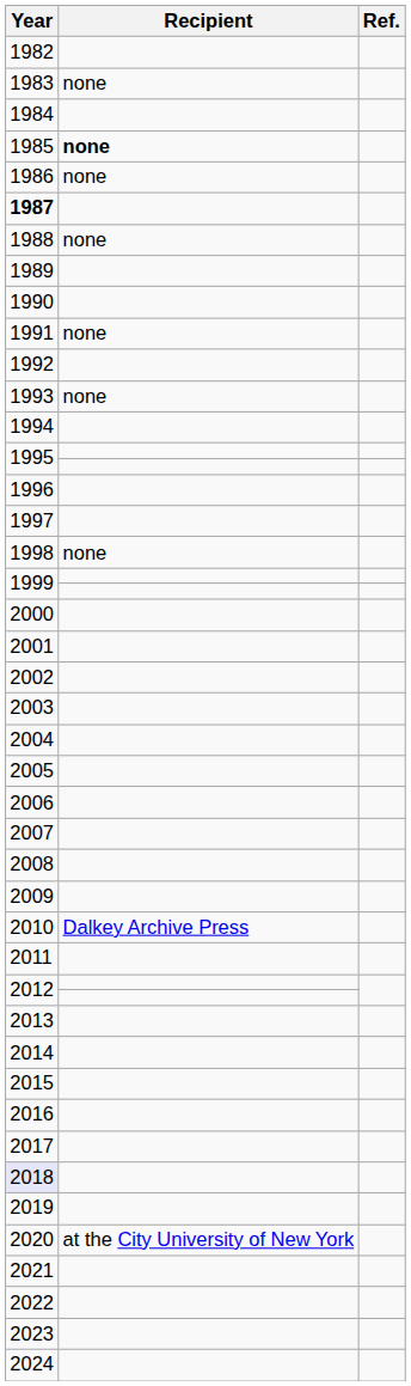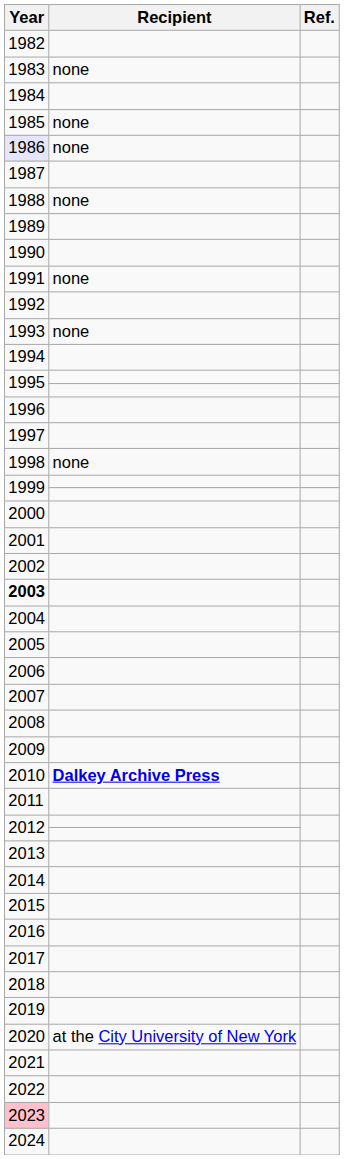 <table class="wikitable sortable mw-collapsible">
 <tr>
 <th>Year</th>
 <th>Recipient</th>
 <th>Ref.</th>
 </tr>
 <tr>
 <td>1982</td>
 <td></td>
 <td></td>
 </tr>
 <tr>
 <td>1983</td>
 <td>none</td>
 <td></td>
 </tr>
 <tr>
 <td>1984</td>
 <td></td>
 <td></td>
 </tr>
 <tr>
 <td>1985</td>
-<td><strong>none</strong></td>
-<td></td>
-</tr>
-<tr>
-<td>1986</td>
 <td>none</td>
 <td></td>
 </tr>
 <tr>
-<td><strong>1987</strong></td>
+<td style="background: lavender;">1986</td>
+<td>none</td>
+<td></td>
+</tr>
+<tr>
+<td>1987</td>
 <td></td>
 <td></td>
 </tr>
 <tr>
 <td>1988</td>
 <td>none</td>
 <td></td>
 </tr>
 <tr>
 <td>1989</td>
 <td></td>
 <td></td>
 </tr>
 <tr>
 <td>1990</td>
 <td></td>
 <td></td>
 </tr>
 <tr>
 <td>1991</td>
 <td>none</td>
 <td></td>
 </tr>
 <tr>
 <td>1992</td>
 <td></td>
 <td></td>
 </tr>
 <tr>
 <td>1993</td>
 <td>none</td>
 <td></td>
 </tr>
 <tr>
 <td>1994</td>
 <td></td>
 <td></td>
 </tr>
 <tr>
 <td rowspan="2">1995</td>
 <td></td>
 <td></td>
 </tr>
 <tr>
 <td></td>
 <td></td>
 </tr>
 <tr>
 <td>1996</td>
 <td></td>
 <td></td>
 </tr>
 <tr>
 <td>1997</td>
 <td></td>
 <td></td>
 </tr>
 <tr>
 <td>1998</td>
 <td>none</td>
 <td></td>
 </tr>
 <tr>
 <td rowspan="2">1999</td>
 <td></td>
 <td></td>
 </tr>
 <tr>
 <td></td>
 <td></td>
 </tr>
 <tr>
 <td>2000</td>
 <td></td>
 <td></td>
 </tr>
 <tr>
 <td>2001</td>
 <td></td>
 <td></td>
 </tr>
 <tr>
 <td>2002</td>
 <td></td>
 <td></td>
 </tr>
 <tr>
-<td>2003</td>
+<td><strong>2003</strong></td>
 <td></td>
 <td></td>
 </tr>
 <tr>
 <td>2004</td>
 <td></td>
 <td></td>
 </tr>
 <tr>
 <td>2005</td>
 <td></td>
 <td></td>
 </tr>
 <tr>
 <td>2006</td>
 <td></td>
 <td></td>
 </tr>
 <tr>
 <td>2007</td>
 <td></td>
 <td></td>
 </tr>
 <tr>
 <td>2008</td>
 <td></td>
 <td></td>
 </tr>
 <tr>
 <td>2009</td>
 <td></td>
 <td></td>
 </tr>
 <tr>
 <td>2010</td>
-<td><a href='#'>Dalkey Archive Press</a></td>
+<td><strong><a href='#'>Dalkey Archive Press</a></strong></td>
 <td></td>
 </tr>
 <tr>
 <td>2011</td>
 <td></td>
 <td></td>
 </tr>
 <tr>
 <td rowspan="2">2012</td>
 <td></td>
 <td rowspan="2"></td>
 </tr>
 <tr>
 <td></td>
 </tr>
 <tr>
 <td>2013</td>
 <td></td>
 <td></td>
 </tr>
 <tr>
 <td>2014</td>
 <td></td>
 <td></td>
 </tr>
 <tr>
 <td>2015</td>
 <td></td>
 <td></td>
 </tr>
 <tr>
 <td>2016</td>
 <td></td>
 <td></td>
 </tr>
 <tr>
 <td>2017</td>
 <td></td>
 <td></td>
 </tr>
 <tr>
-<td style="background: lavender;">2018</td>
+<td>2018</td>
 <td></td>
 <td></td>
 </tr>
 <tr>
 <td>2019</td>
 <td></td>
 <td></td>
 </tr>
 <tr>
 <td>2020</td>
 <td> at the <a href='#'>City University of New York</a></td>
 <td></td>
 </tr>
 <tr>
 <td>2021</td>
 <td></td>
 <td></td>
 </tr>
 <tr>
 <td>2022</td>
 <td></td>
 <td></td>
 </tr>
 <tr>
-<td>2023</td>
+<td style="background: pink;">2023</td>
 <td></td>
 <td></td>
 </tr>
 <tr>
 <td>2024</td>
 <td></td>
 <td></td>
 </tr>
 </table>
